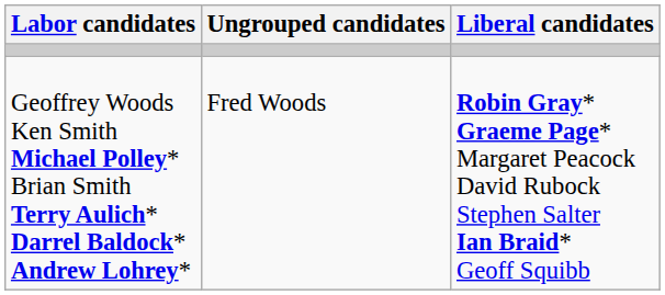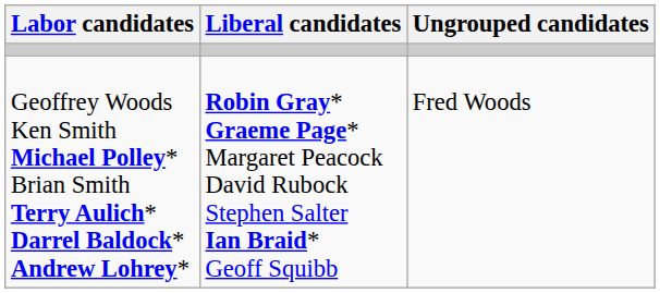 <table class="wikitable">
 <tr>
 <th><a href='#'>Labor</a> candidates</th>
+<th><a href='#'>Liberal</a> candidates</th>
 <th>Ungrouped candidates</th>
-<th><a href='#'>Liberal</a> candidates</th>
 </tr>
 <tr bgcolor="#cccccc">
 <td></td>
 <td></td>
 <td></td>
 </tr>
 <tr>
 <td><br>Geoffrey Woods<br> Ken Smith<br> <strong><a href='#'>Michael Polley</a></strong>*<br> Brian Smith<br> <strong><a href='#'>Terry Aulich</a></strong>*<br> <strong><a href='#'>Darrel Baldock</a></strong>*<br> <strong><a href='#'>Andrew Lohrey</a></strong>*</td>
+<td><br><strong><a href='#'>Robin Gray</a></strong>*<br> <strong><a href='#'>Graeme Page</a></strong>*<br> Margaret Peacock<br> David Rubock<br> <a href='#'>Stephen Salter</a><br> <strong><a href='#'>Ian Braid</a></strong>*<br> <a href='#'>Geoff Squibb</a></td>
 <td valign=top><br>Fred Woods</td>
-<td><br><strong><a href='#'>Robin Gray</a></strong>*<br> <strong><a href='#'>Graeme Page</a></strong>*<br> Margaret Peacock<br> David Rubock<br> <a href='#'>Stephen Salter</a><br> <strong><a href='#'>Ian Braid</a></strong>*<br> <a href='#'>Geoff Squibb</a></td>
 </tr>
 </table>
